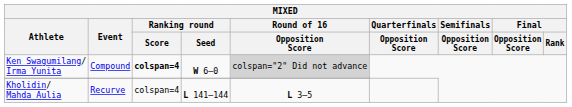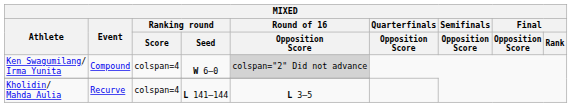 <table class="wikitable" style="font-size:90%">
 <tr>
 <th colspan="9">MIXED</th>
 </tr>
 <tr>
 <th rowspan=2>Athlete</th>
 <th rowspan=2>Event</th>
 <th colspan="2">Ranking round</th>
 <th>Round of 16</th>
 <th>Quarterfinals</th>
 <th>Semifinals</th>
 <th colspan="2">Final</th>
 </tr>
 <tr style="font-size:95%">
 <th>Score</th>
 <th>Seed</th>
 <th>Opposition<br>Score</th>
 <th>Opposition<br>Score</th>
 <th>Opposition<br>Score</th>
 <th>Opposition<br>Score</th>
 <th>Rank</th>
 </tr>
 <tr align=center>
 <td align=left><a href='#'>Ken Swagumilang</a>/<br><a href='#'>Irma Yunita</a></td>
 <td align=left><a href='#'>Compound</a></td>
-<td><strong>colspan=4 </strong></td>
+<td>colspan=4 </td>
 <td><br> <strong>W</strong> 6–0</td>
 <td style="background: lightgrey;">colspan="2" Did not advance</td>
 </tr>
 <tr>
 </tr>
 <tr align=center>
 <td align=left><a href='#'>Kholidin</a>/<br><a href='#'>Mahda Aulia</a></td>
 <td rowspan="3" align=left><a href='#'>Recurve</a></td>
 <td>colspan=4 </td>
 <td><br> <strong>L</strong> 141–144</td>
 <td><br> <strong>L</strong> 3–5</td>
 <td></td>
 </tr>
 </table>
